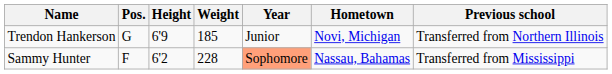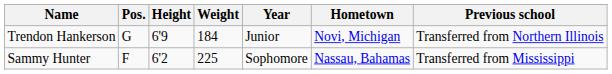 <table class="wikitable sortable" border="1">
 <tr align=center>
 <th>Name</th>
 <th>Pos.</th>
 <th>Height</th>
 <th>Weight</th>
 <th>Year</th>
 <th>Hometown</th>
 <th>Previous school</th>
 </tr>
 <tr>
 <td>Trendon Hankerson</td>
 <td>G</td>
 <td>6'9</td>
-<td>185</td>
+<td>184</td>
 <td>Junior</td>
 <td><a href='#'>Novi, Michigan</a></td>
 <td>Transferred from <a href='#'>Northern Illinois</a></td>
 </tr>
 <tr>
 <td>Sammy Hunter</td>
 <td>F</td>
 <td>6'2</td>
-<td>228</td>
-<td style="background: lightsalmon;">Sophomore</td>
+<td>225</td>
+<td>Sophomore</td>
 <td><a href='#'>Nassau, Bahamas</a></td>
 <td>Transferred from <a href='#'>Mississippi</a></td>
 </tr>
 </table>
